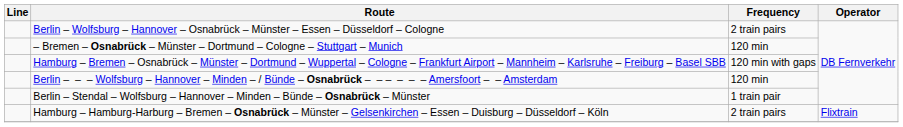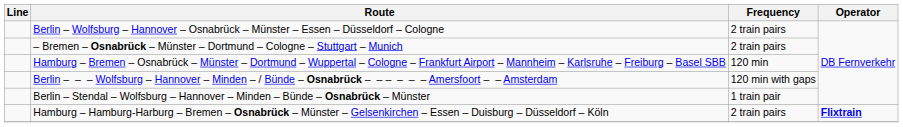 <table class="wikitable">
 <tr>
 <th>Line</th>
 <th>Route</th>
 <th>Frequency</th>
 <th>Operator</th>
 </tr>
 <tr>
 <td></td>
 <td><a href='#'>Berlin</a> – <a href='#'>Wolfsburg</a> – <a href='#'>Hannover</a> – Osnabrück – Münster – Essen – Düsseldorf – Cologne</td>
 <td>2 train pairs</td>
 <td rowspan="5"><a href='#'>DB Fernverkehr</a></td>
 </tr>
 <tr>
 <td></td>
 <td> – Bremen – <strong>Osnabrück</strong> – Münster – Dortmund – Cologne – <a href='#'>Stuttgart</a> – <a href='#'>Munich</a></td>
-<td>120 min</td>
+<td>2 train pairs</td>
 </tr>
 <tr>
 <td></td>
 <td><a href='#'>Hamburg</a> – <a href='#'>Bremen</a> – Osnabrück – <a href='#'>Münster</a> – <a href='#'>Dortmund</a> – <a href='#'>Wuppertal</a> – <a href='#'>Cologne</a> – <a href='#'>Frankfurt Airport</a> – <a href='#'>Mannheim</a> – <a href='#'>Karlsruhe</a> – <a href='#'>Freiburg</a> – <a href='#'>Basel SBB</a></td>
-<td>120 min with gaps</td>
+<td>120 min</td>
 </tr>
 <tr>
 <td></td>
 <td> <a href='#'>Berlin</a> –  –  – <a href='#'>Wolfsburg</a> – <a href='#'>Hannover</a> – <a href='#'>Minden</a> –  / <a href='#'>Bünde</a> – <strong>Osnabrück</strong> –  –  –  –  –  – <a href='#'>Amersfoort</a> –  – <a href='#'>Amsterdam</a></td>
-<td>120 min</td>
+<td>120 min with gaps</td>
 </tr>
 <tr>
 <td></td>
 <td> Berlin – Stendal – Wolfsburg – Hannover – Minden –  Bünde – <strong>Osnabrück</strong> – Münster</td>
 <td>1 train pair</td>
 </tr>
 <tr>
 <td></td>
 <td>Hamburg – Hamburg-Harburg – Bremen – <strong>Osnabrück</strong> – Münster – <a href='#'>Gelsenkirchen</a> – Essen – Duisburg – Düsseldorf – Köln</td>
 <td>2 train pairs</td>
-<td><a href='#'>Flixtrain</a></td>
+<td><strong><a href='#'>Flixtrain</a></strong></td>
 </tr>
 <tr>
 </tr>
 </table>
